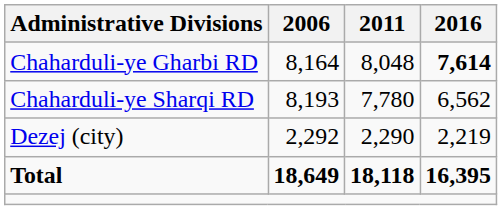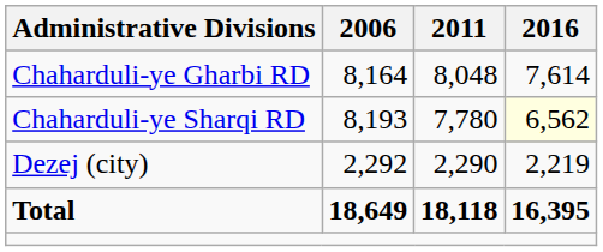 <table class="wikitable">
 <tr>
 <th>Administrative Divisions</th>
 <th>2006</th>
 <th>2011</th>
 <th>2016</th>
 </tr>
 <tr>
 <td><a href='#'>Chaharduli-ye Gharbi RD</a></td>
 <td style="text-align: right;">8,164</td>
 <td style="text-align: right;">8,048</td>
-<td style="text-align: right;"><strong>7,614</strong></td>
+<td style="text-align: right;">7,614</td>
 </tr>
 <tr>
 <td><a href='#'>Chaharduli-ye Sharqi RD</a></td>
 <td style="text-align: right;">8,193</td>
 <td style="text-align: right;">7,780</td>
-<td style="text-align: right;">6,562</td>
+<td style="background: lightyellow; text-align: right;">6,562</td>
 </tr>
 <tr>
 <td><a href='#'>Dezej</a> (city)</td>
 <td style="text-align: right;">2,292</td>
 <td style="text-align: right;">2,290</td>
 <td style="text-align: right;">2,219</td>
 </tr>
 <tr>
 <td><strong>Total</strong></td>
 <td style="text-align: right;"><strong>18,649</strong></td>
 <td style="text-align: right;"><strong>18,118</strong></td>
 <td style="text-align: right;"><strong>16,395</strong></td>
 </tr>
 <tr>
 <td colspan=4></td>
 </tr>
 </table>
